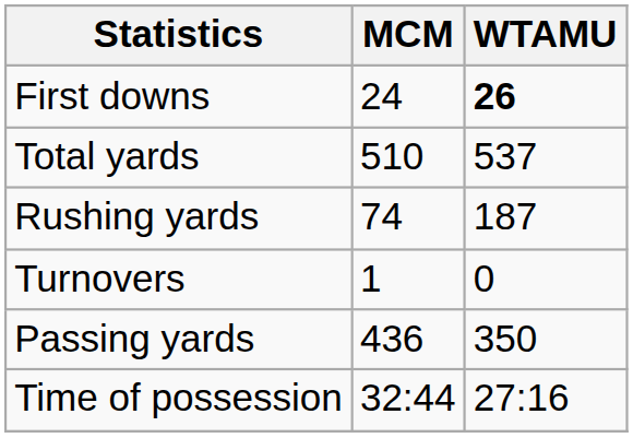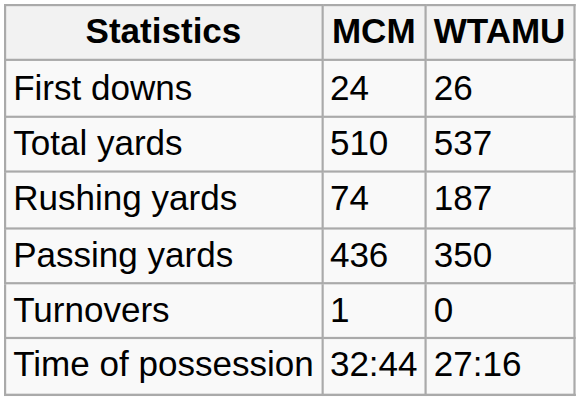 <table class="wikitable">
 <tr>
 <th>Statistics</th>
 <th>MCM</th>
 <th>WTAMU</th>
 </tr>
 <tr>
 <td>First downs</td>
 <td>24</td>
-<td><strong>26</strong></td>
+<td>26</td>
 </tr>
 <tr>
 <td>Total yards</td>
 <td>510</td>
 <td>537</td>
 </tr>
 <tr>
 <td>Rushing yards</td>
 <td>74</td>
 <td>187</td>
 </tr>
 <tr>
+<td>Passing yards</td>
+<td>436</td>
+<td>350</td>
+</tr>
+<tr>
 <td>Turnovers</td>
 <td>1</td>
 <td>0</td>
-</tr>
-<tr>
-<td>Passing yards</td>
-<td>436</td>
-<td>350</td>
 </tr>
 <tr>
 <td>Time of possession</td>
 <td>32:44</td>
 <td>27:16</td>
 </tr>
 <tr>
 </tr>
 </table>
